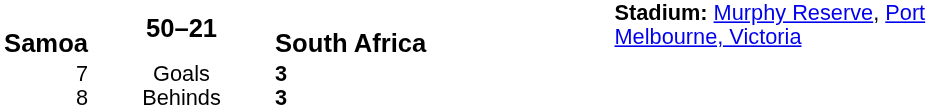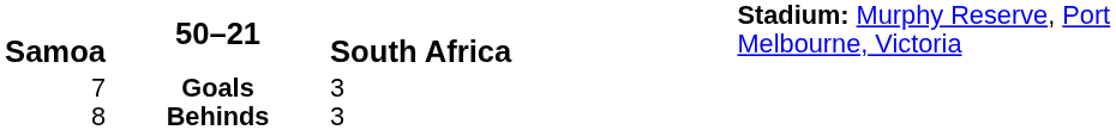 <table style="width: 100%; background: transparent;" cellspacing="0">
 <tr>
 <td align=center valign=top rowspan=3 width=15%></td>
 </tr>
 <tr>
 <td width=24% align=right><br><strong>Samoa</strong></td>
 <td align=center width=13%><strong>50–21</strong></td>
 <td width=24%><br><strong>South Africa</strong></td>
 <td style=font-size:85% rowspan=2 valign=top><strong>Stadium:</strong> <a href='#'>Murphy Reserve</a>, <a href='#'>Port Melbourne, Victoria</a></td>
 </tr>
 <tr style=font-size:85%>
 <td align=right valign=top>7<br> 8</td>
-<td align=center valign=top>Goals <br>Behinds</td>
-<td valign=top><strong>3<br> 3</strong></td>
+<td align=center valign=top><strong>Goals <br>Behinds</strong></td>
+<td valign=top>3<br> 3</td>
 </tr>
 </table>
